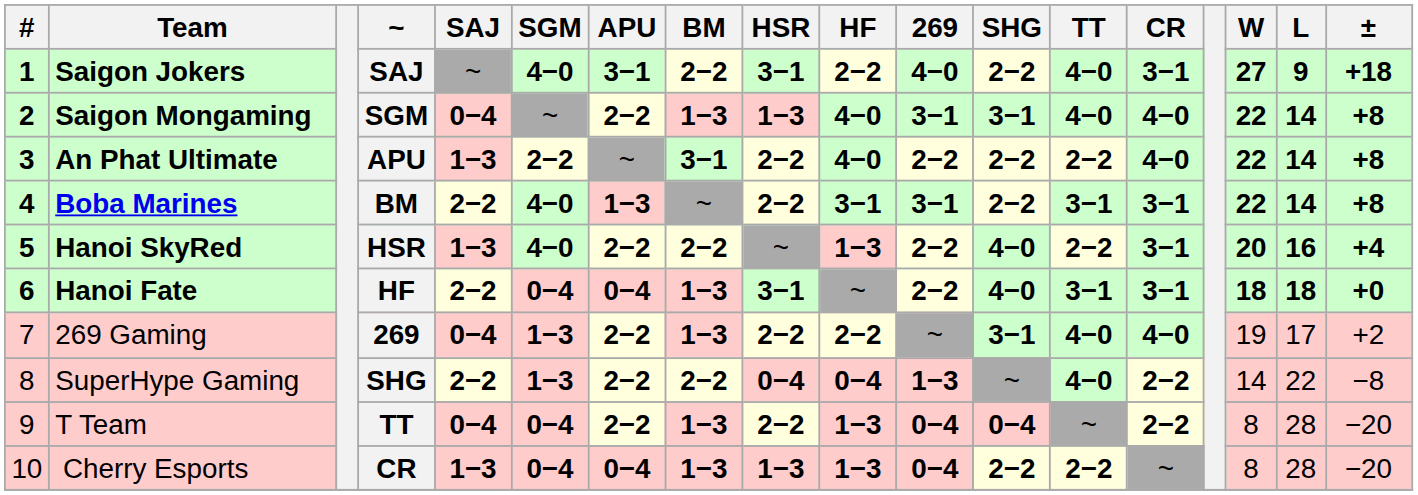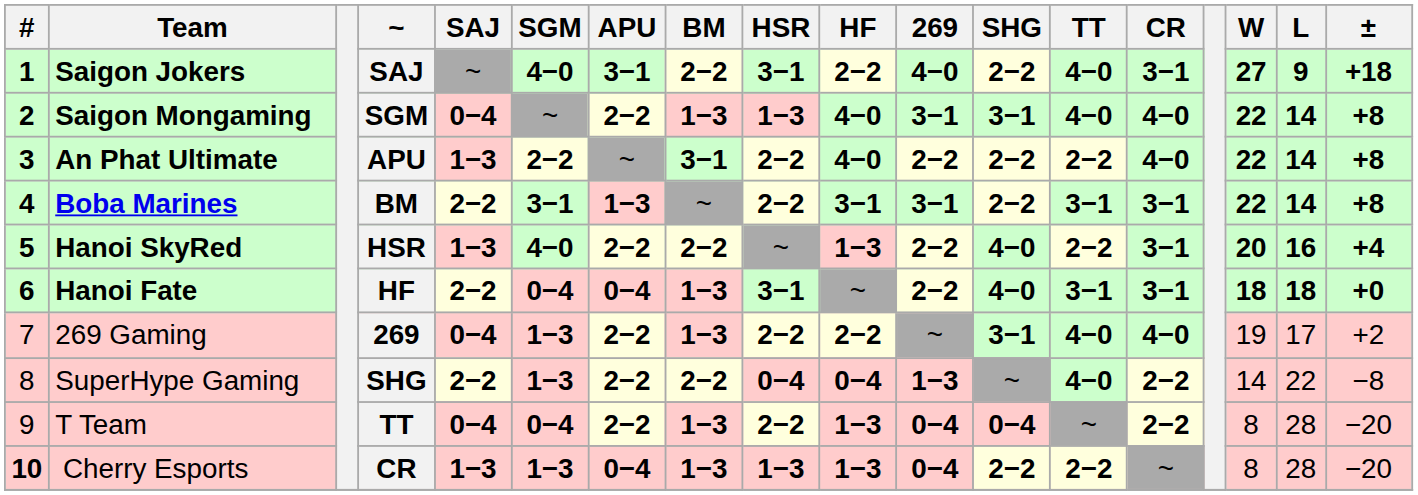 <table class="wikitable" style="font-size: 95%; text-align: center">
 <tr>
 <th style="width:15px;">#</th>
 <th style="width:150px;">Team</th>
 <th rowspan="11" style="width:5px;;"></th>
 <th>~</th>
 <th style="width:35px;" title="">SAJ</th>
 <th style="width:35px;" title="">SGM</th>
 <th style="width:35px;" title="">APU</th>
 <th style="width:35px;" title="">BM</th>
 <th style="width:35px;" title="">HSR</th>
 <th style="width:35px;" title="">HF</th>
 <th style="width:35px;" title="">269</th>
 <th style="width:35px;" title="">SHG</th>
 <th style="width:35px;" title="">TT</th>
 <th style="width:35px;" title="">CR</th>
 <th rowspan="11" style="width:5px;;"></th>
 <th style="width:20px;" title="Wins">W</th>
 <th style="width:20px;" title="Losses">L</th>
 <th style="width:40px;">±</th>
 </tr>
 <tr style="background:#cfc;">
 <td><strong>1</strong></td>
 <td style="text-align: left"><strong>Saigon Jokers</strong></td>
 <th>SAJ</th>
 <td style="background:#aaa;">~</td>
 <td style="background:#cfc;"><strong>4−0</strong></td>
 <td style="background:#cfc;"><strong>3−1</strong></td>
 <td style="background:#ffd;"><strong>2−2</strong></td>
 <td style="background:#cfc;"><strong>3−1</strong></td>
 <td style="background:#ffd;"><strong>2−2</strong></td>
 <td style="background:#cfc;"><strong>4−0</strong></td>
 <td style="background:#ffd;"><strong>2−2</strong></td>
 <td style="background:#cfc;"><strong>4−0</strong></td>
 <td style="background:#cfc;"><strong>3−1</strong></td>
 <td><strong>27</strong></td>
 <td><strong>9</strong></td>
 <td><strong>+18</strong></td>
 </tr>
 <tr style="background:#cfc;">
 <td><strong>2</strong></td>
 <td style="text-align: left"><strong>Saigon Mongaming</strong></td>
 <th>SGM</th>
 <td style="background:#fcc;"><strong>0−4</strong></td>
 <td style="background:#aaa;">~</td>
 <td style="background:#ffd;"><strong>2−2</strong></td>
 <td style="background:#fcc;"><strong>1−3</strong></td>
 <td style="background:#fcc;"><strong>1−3</strong></td>
 <td style="background:#cfc;"><strong>4−0</strong></td>
 <td style="background:#cfc;"><strong>3−1</strong></td>
 <td style="background:#cfc;"><strong>3−1</strong></td>
 <td style="background:#cfc;"><strong>4−0</strong></td>
 <td style="background:#cfc;"><strong>4−0</strong></td>
 <td><strong>22</strong></td>
 <td><strong>14</strong></td>
 <td><strong>+8</strong></td>
 </tr>
 <tr style="background:#cfc;">
 <td><strong>3</strong></td>
 <td style="text-align: left"><strong>An Phat Ultimate</strong></td>
 <th>APU</th>
 <td style="background:#fcc;"><strong>1−3</strong></td>
 <td style="background:#ffd;"><strong>2−2</strong></td>
 <td style="background:#aaa;">~</td>
 <td style="background:#cfc;"><strong>3−1</strong></td>
 <td style="background:#ffd;"><strong>2−2</strong></td>
 <td style="background:#cfc;"><strong>4−0</strong></td>
 <td style="background:#ffd;"><strong>2−2</strong></td>
 <td style="background:#ffd;"><strong>2−2</strong></td>
 <td style="background:#ffd;"><strong>2−2</strong></td>
 <td style="background:#cfc;"><strong>4−0</strong></td>
 <td><strong>22</strong></td>
 <td><strong>14</strong></td>
 <td><strong>+8</strong></td>
 </tr>
 <tr style="background:#cfc;">
 <td><strong>4</strong></td>
 <td style="text-align: left"><strong><a href='#'>Boba Marines</a></strong></td>
 <th>BM</th>
 <td style="background:#ffd;"><strong>2−2</strong></td>
-<td style="background:#cfc;"><strong>4−0</strong></td>
+<td style="background:#cfc;"><strong>3−1</strong></td>
 <td style="background:#fcc;"><strong>1−3</strong></td>
 <td style="background:#aaa;">~</td>
 <td style="background:#ffd;"><strong>2−2</strong></td>
 <td style="background:#cfc;"><strong>3−1</strong></td>
 <td style="background:#cfc;"><strong>3−1</strong></td>
 <td style="background:#ffd;"><strong>2−2</strong></td>
 <td style="background:#cfc;"><strong>3−1</strong></td>
 <td style="background:#cfc;"><strong>3−1</strong></td>
 <td><strong>22</strong></td>
 <td><strong>14</strong></td>
 <td><strong>+8</strong></td>
 </tr>
 <tr style="background:#cfc;">
 <td><strong>5</strong></td>
 <td style="text-align: left"><strong>Hanoi SkyRed</strong></td>
 <th>HSR</th>
 <td style="background:#fcc;"><strong>1−3</strong></td>
 <td style="background:#cfc;"><strong>4−0</strong></td>
 <td style="background:#ffd;"><strong>2−2</strong></td>
 <td style="background:#ffd;"><strong>2−2</strong></td>
 <td style="background:#aaa;">~</td>
 <td style="background:#fcc;"><strong>1−3</strong></td>
 <td style="background:#ffd;"><strong>2−2</strong></td>
 <td style="background:#cfc;"><strong>4−0</strong></td>
 <td style="background:#ffd;"><strong>2−2</strong></td>
 <td style="background:#cfc;"><strong>3−1</strong></td>
 <td><strong>20</strong></td>
 <td><strong>16</strong></td>
 <td><strong>+4</strong></td>
 </tr>
 <tr style="background:#cfc;">
 <td><strong>6</strong></td>
 <td style="text-align: left"><strong>Hanoi Fate</strong></td>
 <th>HF</th>
 <td style="background:#ffd;"><strong>2−2</strong></td>
 <td style="background:#fcc;"><strong>0−4</strong></td>
 <td style="background:#fcc;"><strong>0−4</strong></td>
 <td style="background:#fcc;"><strong>1−3</strong></td>
 <td style="background:#cfc;"><strong>3−1</strong></td>
 <td style="background:#aaa;">~</td>
 <td style="background:#ffd;"><strong>2−2</strong></td>
 <td style="background:#cfc;"><strong>4−0</strong></td>
 <td style="background:#cfc;"><strong>3−1</strong></td>
 <td style="background:#cfc;"><strong>3−1</strong></td>
 <td><strong>18</strong></td>
 <td><strong>18</strong></td>
 <td><strong>+0</strong></td>
 </tr>
 <tr style="background:#fcc;">
 <td>7</td>
 <td style="text-align: left">269 Gaming</td>
 <th>269</th>
 <td style="background:#fcc;"><strong>0−4</strong></td>
 <td style="background:#fcc;"><strong>1−3</strong></td>
 <td style="background:#ffd;"><strong>2−2</strong></td>
 <td style="background:#fcc;"><strong>1−3</strong></td>
 <td style="background:#ffd;"><strong>2−2</strong></td>
 <td style="background:#ffd;"><strong>2−2</strong></td>
 <td style="background:#aaa;">~</td>
 <td style="background:#cfc;"><strong>3−1</strong></td>
 <td style="background:#cfc;"><strong>4−0</strong></td>
 <td style="background:#cfc;"><strong>4−0</strong></td>
 <td>19</td>
 <td>17</td>
 <td>+2</td>
 </tr>
 <tr style="background:#fcc;">
 <td>8</td>
 <td style="text-align: left">SuperHype Gaming</td>
 <th>SHG</th>
 <td style="background:#ffd;"><strong>2−2</strong></td>
 <td style="background:#fcc;"><strong>1−3</strong></td>
 <td style="background:#ffd;"><strong>2−2</strong></td>
 <td style="background:#ffd;"><strong>2−2</strong></td>
 <td style="background:#fcc;"><strong>0−4</strong></td>
 <td style="background:#fcc;"><strong>0−4</strong></td>
 <td style="background:#fcc;"><strong>1−3</strong></td>
 <td style="background:#aaa;">~</td>
 <td style="background:#cfc;"><strong>4−0</strong></td>
 <td style="background:#ffd;"><strong>2−2</strong></td>
 <td>14</td>
 <td>22</td>
 <td>−8</td>
 </tr>
 <tr style="background:#fcc;">
 <td>9</td>
 <td style="text-align: left">T Team</td>
 <th>TT</th>
 <td style="background:#fcc;"><strong>0−4</strong></td>
 <td style="background:#fcc;"><strong>0−4</strong></td>
 <td style="background:#ffd;"><strong>2−2</strong></td>
 <td style="background:#fcc;"><strong>1−3</strong></td>
 <td style="background:#ffd;"><strong>2−2</strong></td>
 <td style="background:#fcc;"><strong>1−3</strong></td>
 <td style="background:#fcc;"><strong>0−4</strong></td>
 <td style="background:#fcc;"><strong>0−4</strong></td>
 <td style="background:#aaa;">~</td>
 <td style="background:#ffd;"><strong>2−2</strong></td>
 <td>8</td>
 <td>28</td>
 <td>−20</td>
 </tr>
 <tr style="background:#fcc;">
-<td>10</td>
+<td><strong>10</strong></td>
 <td style="text-align: left">⁠ Cherry Esports</td>
 <th>CR</th>
 <td style="background:#fcc;"><strong>1−3</strong></td>
-<td style="background:#fcc;"><strong>0−4</strong></td>
+<td style="background:#fcc;"><strong>1−3</strong></td>
 <td style="background:#fcc;"><strong>0−4</strong></td>
 <td style="background:#fcc;"><strong>1−3</strong></td>
 <td style="background:#fcc;"><strong>1−3</strong></td>
 <td style="background:#fcc;"><strong>1−3</strong></td>
 <td style="background:#fcc;"><strong>0−4</strong></td>
 <td style="background:#ffd;"><strong>2−2</strong></td>
 <td style="background:#ffd;"><strong>2−2</strong></td>
 <td style="background:#aaa;">~</td>
 <td>8</td>
 <td>28</td>
 <td>−20</td>
 </tr>
 <tr>
 </tr>
 </table>
